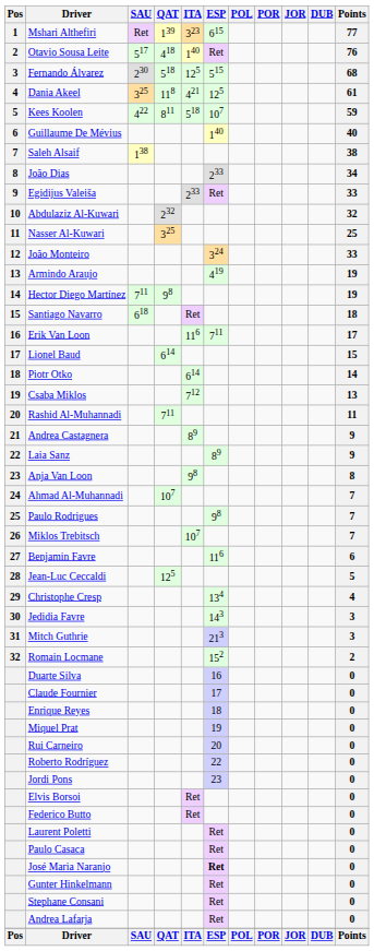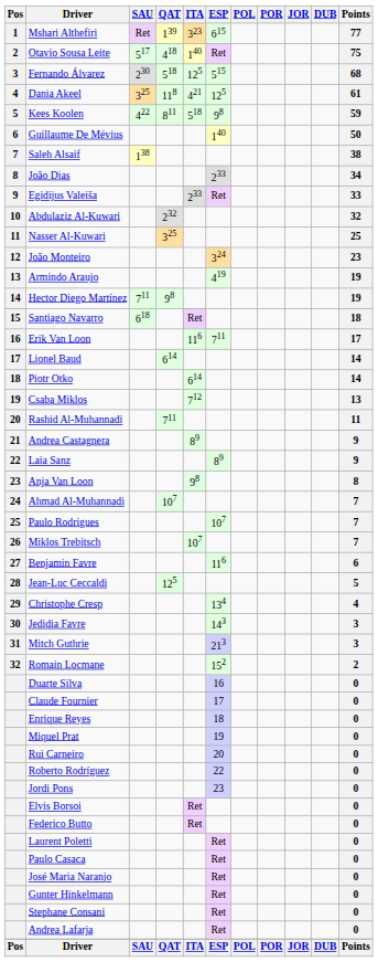 <table class="wikitable" style="font-size: 85%; text-align: center; display: inline-table;">
 <tr valign="top">
 <th valign="middle">Pos</th>
 <th valign="middle">Driver</th>
 <th><a href='#'>SAU</a><br></th>
 <th><a href='#'>QAT</a><br></th>
 <th><a href='#'>ITA</a><br></th>
 <th><a href='#'>ESP</a><br></th>
 <th><a href='#'>POL</a><br></th>
 <th><a href='#'>POR</a><br></th>
 <th><a href='#'>JOR</a><br></th>
 <th><a href='#'>DUB</a><br></th>
 <th valign="middle">Points</th>
 </tr>
 <tr>
 <th>1</th>
 <td align=left> <a href='#'>Mshari Althefiri</a></td>
 <td style="background:#efcfff;">Ret</td>
 <td style="background:#ffffbf;">1<sup>39</sup></td>
 <td style="background:#ffdf9f;">3<sup>23</sup></td>
 <td style="background:#dfffdf;">6<sup>15</sup></td>
 <td></td>
 <td></td>
 <td></td>
 <td></td>
 <th>77</th>
 </tr>
 <tr>
 <th>2</th>
 <td align=left> <a href='#'>Otavio Sousa Leite</a></td>
 <td style="background:#dfffdf;">5<sup>17</sup></td>
 <td style="background:#dfffdf;">4<sup>18</sup></td>
 <td style="background:#ffffbf;">1<sup>40</sup></td>
 <td style="background:#efcfff;">Ret</td>
 <td></td>
 <td></td>
 <td></td>
 <td></td>
-<th>76</th>
+<th>75</th>
 </tr>
 <tr>
 <th>3</th>
 <td align=left> <a href='#'>Fernando Álvarez</a></td>
 <td style="background:#dfdfdf;">2<sup>30</sup></td>
 <td style="background:#dfffdf;">5<sup>18</sup></td>
 <td style="background:#dfffdf;">12<sup>5</sup></td>
 <td style="background:#dfffdf;">5<sup>15</sup></td>
 <td></td>
 <td></td>
 <td></td>
 <td></td>
 <th>68</th>
 </tr>
 <tr>
 <th>4</th>
 <td align=left> <a href='#'>Dania Akeel</a></td>
 <td style="background:#ffdf9f;">3<sup>25</sup></td>
 <td style="background:#dfffdf;">11<sup>8</sup></td>
 <td style="background:#dfffdf;">4<sup>21</sup></td>
 <td style="background:#dfffdf;">12<sup>5</sup></td>
 <td></td>
 <td></td>
 <td></td>
 <td></td>
 <th>61</th>
 </tr>
 <tr>
 <th>5</th>
 <td align=left> <a href='#'>Kees Koolen</a></td>
 <td style="background:#dfffdf;">4<sup>22</sup></td>
 <td style="background:#dfffdf;">8<sup>11</sup></td>
 <td style="background:#dfffdf;">5<sup>18</sup></td>
-<td style="background:#dfffdf;">10<sup>7</sup></td>
+<td style="background:#dfffdf;">9<sup>8</sup></td>
 <td></td>
 <td></td>
 <td></td>
 <td></td>
 <th>59</th>
 </tr>
 <tr>
 <th>6</th>
 <td align=left> <a href='#'>Guillaume De Mévius</a></td>
 <td></td>
 <td></td>
 <td></td>
 <td style="background:#ffffbf;">1<sup>40</sup></td>
 <td></td>
 <td></td>
 <td></td>
 <td></td>
-<th>40</th>
+<th>50</th>
 </tr>
 <tr>
 <th>7</th>
 <td align=left> <a href='#'>Saleh Alsaif</a></td>
 <td style="background:#ffffbf;">1<sup>38</sup></td>
 <td></td>
 <td></td>
 <td></td>
 <td></td>
 <td></td>
 <td></td>
 <td></td>
 <th>38</th>
 </tr>
 <tr>
 <th>8</th>
 <td align=left> <a href='#'>João Dias</a></td>
 <td></td>
 <td></td>
 <td></td>
 <td style="background:#dfdfdf;">2<sup>33</sup></td>
 <td></td>
 <td></td>
 <td></td>
 <td></td>
 <th>34</th>
 </tr>
 <tr>
 <th>9</th>
 <td align=left> <a href='#'>Egidijus Valeiša</a></td>
 <td></td>
 <td></td>
 <td style="background:#dfdfdf;">2<sup>33</sup></td>
 <td style="background:#efcfff;">Ret</td>
 <td></td>
 <td></td>
 <td></td>
 <td></td>
 <th>33</th>
 </tr>
 <tr>
 <th>10</th>
 <td align=left> <a href='#'>Abdulaziz Al-Kuwari</a></td>
 <td></td>
 <td style="background:#dfdfdf;">2<sup>32</sup></td>
 <td></td>
 <td></td>
 <td></td>
 <td></td>
 <td></td>
 <td></td>
 <th>32</th>
 </tr>
 <tr>
 <th>11</th>
 <td align=left> <a href='#'>Nasser Al-Kuwari</a></td>
 <td></td>
 <td style="background:#ffdf9f;">3<sup>25</sup></td>
 <td></td>
 <td></td>
 <td></td>
 <td></td>
 <td></td>
 <td></td>
 <th>25</th>
 </tr>
 <tr>
 <th>12</th>
 <td align=left> <a href='#'>João Monteiro</a></td>
 <td></td>
 <td></td>
 <td></td>
 <td style="background:#ffdf9f;">3<sup>24</sup></td>
 <td></td>
 <td></td>
 <td></td>
 <td></td>
-<th>33</th>
+<th>23</th>
 </tr>
 <tr>
 <th>13</th>
 <td align=left> <a href='#'>Armindo Araujo</a></td>
 <td></td>
 <td></td>
 <td></td>
 <td style="background:#dfffdf;">4<sup>19</sup></td>
 <td></td>
 <td></td>
 <td></td>
 <td></td>
 <th>19</th>
 </tr>
 <tr>
 <th>14</th>
 <td align=left> <a href='#'>Hector Diego Martínez</a></td>
 <td style="background:#dfffdf;">7<sup>11</sup></td>
 <td style="background:#dfffdf;">9<sup>8</sup></td>
 <td></td>
 <td></td>
 <td></td>
 <td></td>
 <td></td>
 <td></td>
 <th>19</th>
 </tr>
 <tr>
 <th>15</th>
 <td align=left> <a href='#'>Santiago Navarro</a></td>
 <td style="background:#dfffdf;">6<sup>18</sup></td>
 <td></td>
 <td style="background:#efcfff;">Ret</td>
 <td></td>
 <td></td>
 <td></td>
 <td></td>
 <td></td>
 <th>18</th>
 </tr>
 <tr>
 <th>16</th>
 <td align=left> <a href='#'>Erik Van Loon</a></td>
 <td></td>
 <td></td>
 <td style="background:#dfffdf;">11<sup>6</sup></td>
 <td style="background:#dfffdf;">7<sup>11</sup></td>
 <td></td>
 <td></td>
 <td></td>
 <td></td>
 <th>17</th>
 </tr>
 <tr>
 <th>17</th>
 <td align=left> <a href='#'>Lionel Baud</a></td>
 <td></td>
 <td style="background:#dfffdf;">6<sup>14</sup></td>
 <td></td>
 <td></td>
 <td></td>
 <td></td>
 <td></td>
 <td></td>
-<th>15</th>
+<th>14</th>
 </tr>
 <tr>
 <th>18</th>
 <td align=left> <a href='#'>Piotr Otko</a></td>
 <td></td>
 <td></td>
 <td style="background:#dfffdf;">6<sup>14</sup></td>
 <td></td>
 <td></td>
 <td></td>
 <td></td>
 <td></td>
 <th>14</th>
 </tr>
 <tr>
 <th>19</th>
 <td align=left> <a href='#'>Csaba Miklos</a></td>
 <td></td>
 <td></td>
 <td style="background:#dfffdf;">7<sup>12</sup></td>
 <td></td>
 <td></td>
 <td></td>
 <td></td>
 <td></td>
 <th>13</th>
 </tr>
 <tr>
 <th>20</th>
 <td align=left> <a href='#'>Rashid Al-Muhannadi</a></td>
 <td></td>
 <td style="background:#dfffdf;">7<sup>11</sup></td>
 <td></td>
 <td></td>
 <td></td>
 <td></td>
 <td></td>
 <td></td>
 <th>11</th>
 </tr>
 <tr>
 <th>21</th>
 <td align=left> <a href='#'>Andrea Castagnera</a></td>
 <td></td>
 <td></td>
 <td style="background:#dfffdf;">8<sup>9</sup></td>
 <td></td>
 <td></td>
 <td></td>
 <td></td>
 <td></td>
 <th>9</th>
 </tr>
 <tr>
 <th>22</th>
 <td align=left> <a href='#'>Laia Sanz</a></td>
 <td></td>
 <td></td>
 <td></td>
 <td style="background:#dfffdf;">8<sup>9</sup></td>
 <td></td>
 <td></td>
 <td></td>
 <td></td>
 <th>9</th>
 </tr>
 <tr>
 <th>23</th>
 <td align=left> <a href='#'>Anja Van Loon</a></td>
 <td></td>
 <td></td>
 <td style="background:#dfffdf;">9<sup>8</sup></td>
 <td></td>
 <td></td>
 <td></td>
 <td></td>
 <td></td>
 <th>8</th>
 </tr>
 <tr>
 <th>24</th>
 <td align=left> <a href='#'>Ahmad Al-Muhannadi</a></td>
 <td></td>
 <td style="background:#dfffdf;">10<sup>7</sup></td>
 <td></td>
 <td></td>
 <td></td>
 <td></td>
 <td></td>
 <td></td>
 <th>7</th>
 </tr>
 <tr>
 <th>25</th>
 <td align=left> <a href='#'>Paulo Rodrigues</a></td>
 <td></td>
 <td></td>
 <td></td>
-<td style="background:#dfffdf;">9<sup>8</sup></td>
+<td style="background:#dfffdf;">10<sup>7</sup></td>
 <td></td>
 <td></td>
 <td></td>
 <td></td>
 <th>7</th>
 </tr>
 <tr>
 <th>26</th>
 <td align=left> <a href='#'>Miklos Trebitsch</a></td>
 <td></td>
 <td></td>
 <td style="background:#dfffdf;">10<sup>7</sup></td>
 <td></td>
 <td></td>
 <td></td>
 <td></td>
 <td></td>
 <th>7</th>
 </tr>
 <tr>
 <th>27</th>
 <td align=left> <a href='#'>Benjamin Favre</a></td>
 <td></td>
 <td></td>
 <td></td>
 <td style="background:#dfffdf;">11<sup>6</sup></td>
 <td></td>
 <td></td>
 <td></td>
 <td></td>
 <th>6</th>
 </tr>
 <tr>
 <th>28</th>
 <td align=left> <a href='#'>Jean-Luc Ceccaldi</a></td>
 <td></td>
 <td style="background:#dfffdf;">12<sup>5</sup></td>
 <td></td>
 <td></td>
 <td></td>
 <td></td>
 <td></td>
 <td></td>
 <th>5</th>
 </tr>
 <tr>
 <th>29</th>
 <td align=left> <a href='#'>Christophe Cresp</a></td>
 <td></td>
 <td></td>
 <td></td>
 <td style="background:#dfffdf;">13<sup>4</sup></td>
 <td></td>
 <td></td>
 <td></td>
 <td></td>
 <th>4</th>
 </tr>
 <tr>
 <th>30</th>
 <td align=left> <a href='#'>Jedidia Favre</a></td>
 <td></td>
 <td></td>
 <td></td>
 <td style="background:#dfffdf;">14<sup>3</sup></td>
 <td></td>
 <td></td>
 <td></td>
 <td></td>
 <th>3</th>
 </tr>
 <tr>
 <th>31</th>
 <td align=left> <a href='#'>Mitch Guthrie</a></td>
 <td></td>
 <td></td>
 <td></td>
 <td style="background:#cfcfff;">21<sup>3</sup></td>
 <td></td>
 <td></td>
 <td></td>
 <td></td>
 <th>3</th>
 </tr>
 <tr>
 <th>32</th>
 <td align=left> <a href='#'>Romain Locmane</a></td>
 <td></td>
 <td></td>
 <td></td>
 <td style="background:#dfffdf;">15<sup>2</sup></td>
 <td></td>
 <td></td>
 <td></td>
 <td></td>
 <th>2</th>
 </tr>
 <tr>
 <th></th>
 <td align=left> <a href='#'>Duarte Silva</a></td>
 <td></td>
 <td></td>
 <td></td>
 <td style="background:#cfcfff;">16</td>
 <td></td>
 <td></td>
 <td></td>
 <td></td>
 <th>0</th>
 </tr>
 <tr>
 <th></th>
 <td align=left> <a href='#'>Claude Fournier</a></td>
 <td></td>
 <td></td>
 <td></td>
 <td style="background:#cfcfff;">17</td>
 <td></td>
 <td></td>
 <td></td>
 <td></td>
 <th>0</th>
 </tr>
 <tr>
 <th></th>
 <td align=left> <a href='#'>Enrique Reyes</a></td>
 <td></td>
 <td></td>
 <td></td>
 <td style="background:#cfcfff;">18</td>
 <td></td>
 <td></td>
 <td></td>
 <td></td>
 <th>0</th>
 </tr>
 <tr>
 <th></th>
 <td align=left> <a href='#'>Miquel Prat</a></td>
 <td></td>
 <td></td>
 <td></td>
 <td style="background:#cfcfff;">19</td>
 <td></td>
 <td></td>
 <td></td>
 <td></td>
 <th>0</th>
 </tr>
 <tr>
 <th></th>
 <td align=left> <a href='#'>Rui Carneiro</a></td>
 <td></td>
 <td></td>
 <td></td>
 <td style="background:#cfcfff;">20</td>
 <td></td>
 <td></td>
 <td></td>
 <td></td>
 <th>0</th>
 </tr>
 <tr>
 <th></th>
 <td align=left> <a href='#'>Roberto Rodríguez</a></td>
 <td></td>
 <td></td>
 <td></td>
 <td style="background:#cfcfff;">22</td>
 <td></td>
 <td></td>
 <td></td>
 <td></td>
 <th>0</th>
 </tr>
 <tr>
 <th></th>
 <td align=left> <a href='#'>Jordi Pons</a></td>
 <td></td>
 <td></td>
 <td></td>
 <td style="background:#cfcfff;">23</td>
 <td></td>
 <td></td>
 <td></td>
 <td></td>
 <th>0</th>
 </tr>
 <tr>
 <th></th>
 <td align=left> <a href='#'>Elvis Borsoi</a></td>
 <td></td>
 <td></td>
 <td style="background:#efcfff;">Ret</td>
 <td></td>
 <td></td>
 <td></td>
 <td></td>
 <td></td>
 <th>0</th>
 </tr>
 <tr>
 <th></th>
 <td align=left> <a href='#'>Federico Butto</a></td>
 <td></td>
 <td></td>
 <td style="background:#efcfff;">Ret</td>
 <td></td>
 <td></td>
 <td></td>
 <td></td>
 <td></td>
 <th>0</th>
 </tr>
 <tr>
 <th></th>
 <td align=left> <a href='#'>Laurent Poletti</a></td>
 <td></td>
 <td></td>
 <td></td>
 <td style="background:#efcfff;">Ret</td>
 <td></td>
 <td></td>
 <td></td>
 <td></td>
 <th>0</th>
 </tr>
 <tr>
 <th></th>
 <td align=left> <a href='#'>Paulo Casaca</a></td>
 <td></td>
 <td></td>
 <td></td>
 <td style="background:#efcfff;">Ret</td>
 <td></td>
 <td></td>
 <td></td>
 <td></td>
 <th>0</th>
 </tr>
 <tr>
 <th></th>
 <td align=left> <a href='#'>José Maria Naranjo</a></td>
 <td></td>
 <td></td>
 <td></td>
-<td style="background:#efcfff;"><strong>Ret</strong></td>
+<td style="background:#efcfff;">Ret</td>
 <td></td>
 <td></td>
 <td></td>
 <td></td>
 <th>0</th>
 </tr>
 <tr>
 <th></th>
 <td align=left> <a href='#'>Gunter Hinkelmann</a></td>
 <td></td>
 <td></td>
 <td></td>
 <td style="background:#efcfff;">Ret</td>
 <td></td>
 <td></td>
 <td></td>
 <td></td>
 <th>0</th>
 </tr>
 <tr>
 <th></th>
 <td align=left> <a href='#'>Stephane Consani</a></td>
 <td></td>
 <td></td>
 <td></td>
 <td style="background:#efcfff;">Ret</td>
 <td></td>
 <td></td>
 <td></td>
 <td></td>
 <th>0</th>
 </tr>
 <tr>
 <th></th>
 <td align=left> <a href='#'>Andrea Lafarja</a></td>
 <td></td>
 <td></td>
 <td></td>
 <td style="background:#efcfff;">Ret</td>
 <td></td>
 <td></td>
 <td></td>
 <td></td>
 <th>0</th>
 </tr>
 <tr>
 </tr>
 <tr valign="top">
 <th valign="middle">Pos</th>
 <th valign="middle">Driver</th>
 <th><a href='#'>SAU</a><br></th>
 <th><a href='#'>QAT</a><br></th>
 <th><a href='#'>ITA</a><br></th>
 <th><a href='#'>ESP</a><br></th>
 <th><a href='#'>POL</a><br></th>
 <th><a href='#'>POR</a><br></th>
 <th><a href='#'>JOR</a><br></th>
 <th><a href='#'>DUB</a><br></th>
 <th valign="middle">Points</th>
 </tr>
 </table>
